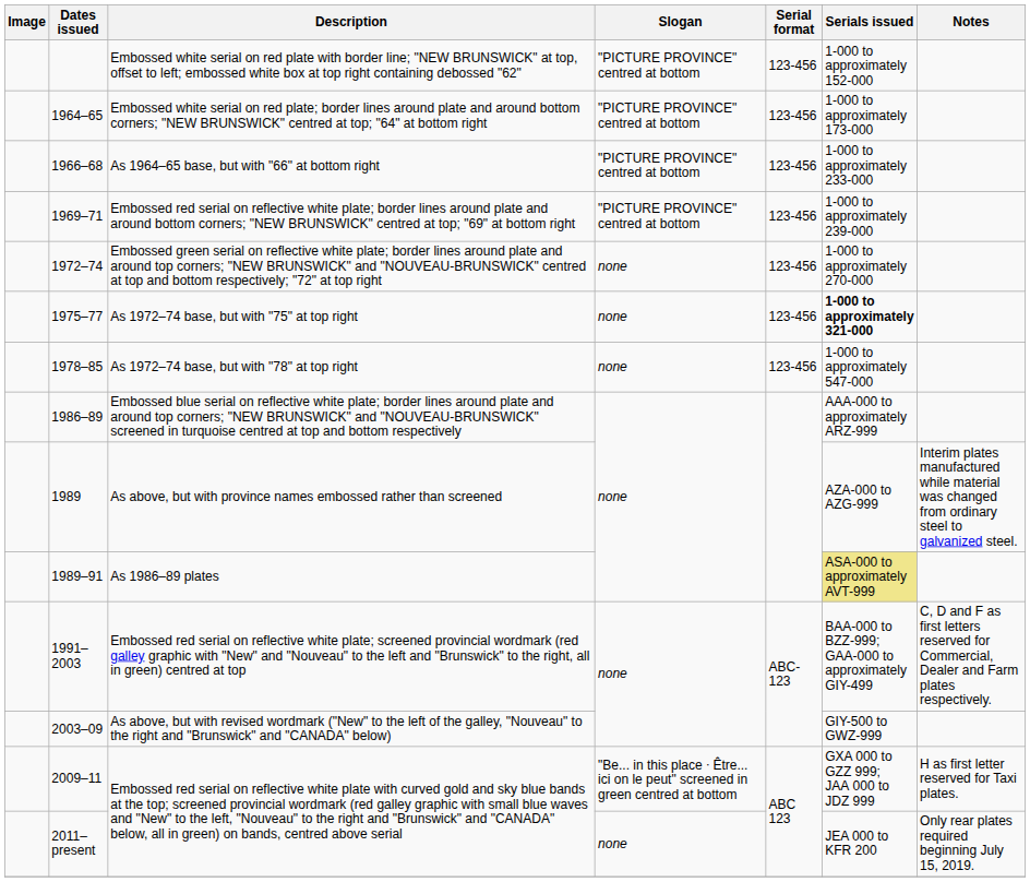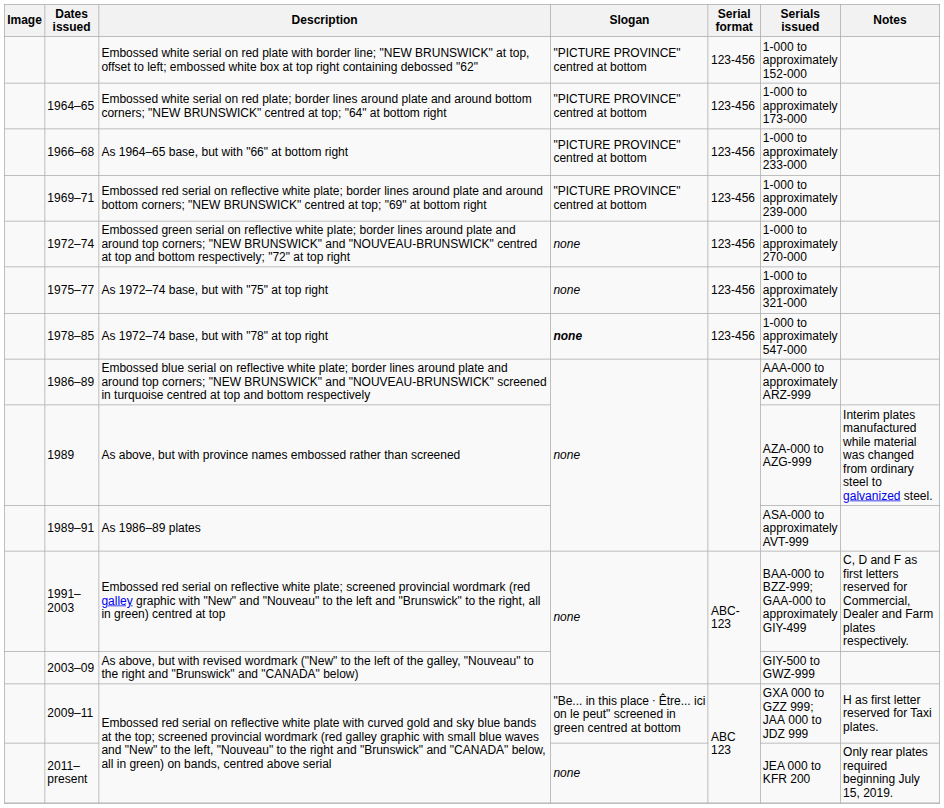 <table class="wikitable">
 <tr>
 <th>Image</th>
 <th>Dates issued</th>
 <th>Description</th>
 <th>Slogan</th>
 <th>Serial format</th>
 <th style="width:95px;">Serials issued</th>
 <th style="width:125px;">Notes</th>
 </tr>
 <tr>
 <td></td>
 <td></td>
 <td>Embossed white serial on red plate with border line; "NEW BRUNSWICK" at top, offset to left; embossed white box at top right containing debossed "62"</td>
 <td>"PICTURE PROVINCE" centred at bottom</td>
 <td>123-456</td>
 <td>1-000 to approximately 152-000</td>
 <td></td>
 </tr>
 <tr>
 <td></td>
 <td>1964–65</td>
 <td>Embossed white serial on red plate; border lines around plate and around bottom corners; "NEW BRUNSWICK" centred at top; "64" at bottom right</td>
 <td>"PICTURE PROVINCE" centred at bottom</td>
 <td>123-456</td>
 <td>1-000 to approximately 173-000</td>
 <td></td>
 </tr>
 <tr>
 <td></td>
 <td>1966–68</td>
 <td>As 1964–65 base, but with "66" at bottom right</td>
 <td>"PICTURE PROVINCE" centred at bottom</td>
 <td>123-456</td>
 <td>1-000 to approximately 233-000</td>
 <td></td>
 </tr>
 <tr>
 <td></td>
 <td>1969–71</td>
 <td>Embossed red serial on reflective white plate; border lines around plate and around bottom corners; "NEW BRUNSWICK" centred at top; "69" at bottom right</td>
 <td>"PICTURE PROVINCE" centred at bottom</td>
 <td>123-456</td>
 <td>1-000 to approximately 239-000</td>
 <td></td>
 </tr>
 <tr>
 <td></td>
 <td>1972–74</td>
 <td>Embossed green serial on reflective white plate; border lines around plate and around top corners; "NEW BRUNSWICK" and "NOUVEAU-BRUNSWICK" centred at top and bottom respectively; "72" at top right</td>
 <td><em>none</em></td>
 <td>123-456</td>
 <td>1-000 to approximately 270-000</td>
 <td></td>
 </tr>
 <tr>
 <td></td>
 <td>1975–77</td>
 <td>As 1972–74 base, but with "75" at top right</td>
 <td><em>none</em></td>
 <td>123-456</td>
-<td><strong>1-000 to approximately 321-000</strong></td>
+<td>1-000 to approximately 321-000</td>
 <td></td>
 </tr>
 <tr>
 <td></td>
 <td>1978–85</td>
 <td>As 1972–74 base, but with "78" at top right</td>
-<td><em>none</em></td>
+<td><strong><em>none</em></strong></td>
 <td>123-456</td>
 <td>1-000 to approximately 547-000</td>
 <td></td>
 </tr>
 <tr>
 <td></td>
 <td>1986–89</td>
 <td>Embossed blue serial on reflective white plate; border lines around plate and around top corners; "NEW BRUNSWICK" and "NOUVEAU-BRUNSWICK" screened in turquoise centred at top and bottom respectively</td>
 <td rowspan="3"><em>none</em></td>
 <td rowspan="3"></td>
 <td>AAA-000 to approximately ARZ-999</td>
 <td></td>
 </tr>
 <tr>
 <td></td>
 <td>1989</td>
 <td>As above, but with province names embossed rather than screened</td>
 <td>AZA-000 to AZG-999</td>
 <td>Interim plates manufactured while material was changed from ordinary steel to <a href='#'>galvanized</a> steel.</td>
 </tr>
 <tr>
 <td></td>
 <td>1989–91</td>
 <td>As 1986–89 plates</td>
-<td style="background: khaki;">ASA-000 to approximately AVT-999</td>
+<td>ASA-000 to approximately AVT-999</td>
 <td></td>
 </tr>
 <tr>
 <td></td>
 <td>1991–2003</td>
 <td>Embossed red serial on reflective white plate; screened provincial wordmark (red <a href='#'>galley</a> graphic with "New" and "Nouveau" to the left and "Brunswick" to the right, all in green) centred at top</td>
 <td rowspan="2"><em>none</em></td>
 <td rowspan="2">ABC-123</td>
 <td>BAA-000 to BZZ-999;<br>GAA-000 to approximately GIY-499</td>
 <td>C, D and F as first letters reserved for Commercial, Dealer and Farm plates respectively.</td>
 </tr>
 <tr>
 <td></td>
 <td>2003–09</td>
 <td>As above, but with revised wordmark ("New" to the left of the galley, "Nouveau" to the right and "Brunswick" and "CANADA" below)</td>
 <td>GIY-500 to GWZ-999</td>
 <td></td>
 </tr>
 <tr>
 <td></td>
 <td>2009–11</td>
 <td rowspan="2">Embossed red serial on reflective white plate with curved gold and sky blue bands at the top; screened provincial wordmark (red galley graphic with small blue waves and "New" to the left, "Nouveau" to the right and "Brunswick" and "CANADA" below, all in green) on bands, centred above serial</td>
 <td>"Be... in this place  ᐧ  Être... ici on le peut" screened in green centred at bottom</td>
 <td rowspan="2">ABC 123</td>
 <td>GXA 000 to GZZ 999; JAA 000 to JDZ 999</td>
 <td>H as first letter reserved for Taxi plates.</td>
 </tr>
 <tr>
 <td></td>
 <td>2011–present</td>
 <td><em>none</em></td>
 <td>JEA 000 to KFR 200 </td>
 <td>Only rear plates required beginning July 15, 2019.</td>
 </tr>
 <tr>
 </tr>
 </table>
